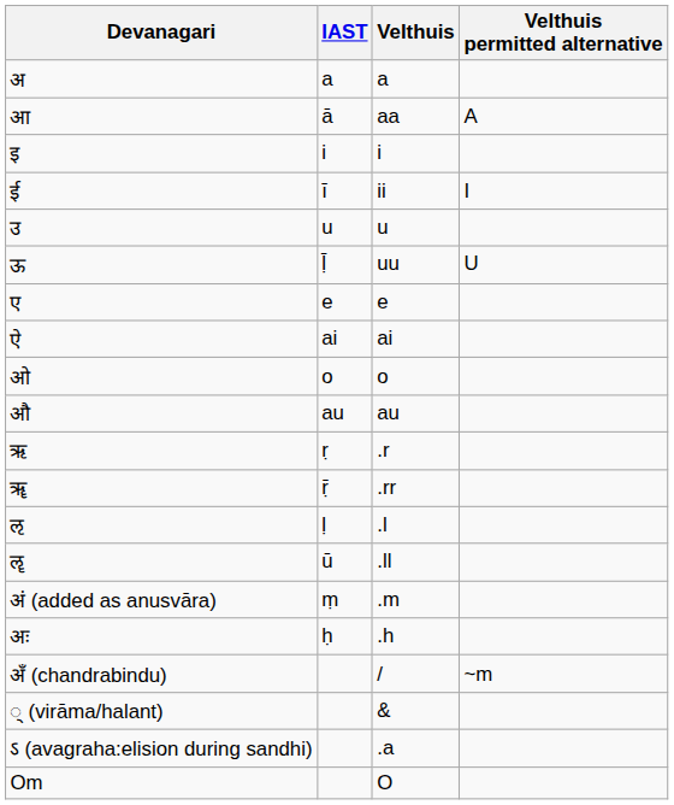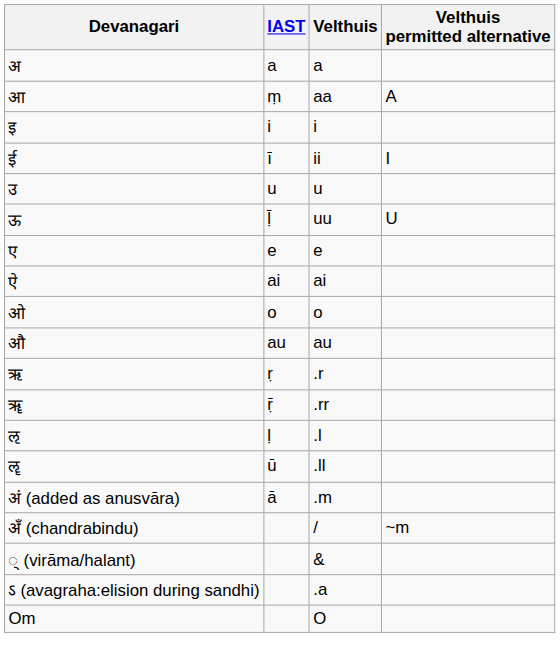 <table class="wikitable" border="1">
 <tr>
 <th>Devanagari</th>
 <th><a href='#'>IAST</a></th>
 <th>Velthuis</th>
 <th>Velthuis<br>permitted  alternative</th>
 </tr>
 <tr>
 <td>अ</td>
 <td>a</td>
 <td>a</td>
 <td></td>
 </tr>
 <tr>
 <td>आ</td>
-<td>ā</td>
+<td>ṃ</td>
 <td>aa</td>
 <td>A</td>
 </tr>
 <tr>
 <td>इ</td>
 <td>i</td>
 <td>i</td>
 <td></td>
 </tr>
 <tr>
 <td>ई</td>
 <td>ī</td>
 <td>ii</td>
 <td>I</td>
 </tr>
 <tr>
 <td>उ</td>
 <td>u</td>
 <td>u</td>
 <td></td>
 </tr>
 <tr>
 <td>ऊ</td>
 <td>ḹ</td>
 <td>uu</td>
 <td>U</td>
 </tr>
 <tr>
 <td>ए</td>
 <td>e</td>
 <td>e</td>
 <td></td>
 </tr>
 <tr>
 <td>ऐ</td>
 <td>ai</td>
 <td>ai</td>
 <td></td>
 </tr>
 <tr>
 <td>ओ</td>
 <td>o</td>
 <td>o</td>
 <td></td>
 </tr>
 <tr>
 <td>औ</td>
 <td>au</td>
 <td>au</td>
 <td></td>
 </tr>
 <tr>
 <td>ऋ</td>
 <td>ṛ</td>
 <td>.r</td>
 <td></td>
 </tr>
 <tr>
 <td>ॠ</td>
 <td>ṝ</td>
 <td>.rr</td>
 <td></td>
 </tr>
 <tr>
 <td>ऌ</td>
 <td>ḷ</td>
 <td>.l</td>
 <td></td>
 </tr>
 <tr>
 <td>ॡ</td>
 <td>ū</td>
 <td>.ll</td>
 <td></td>
 </tr>
 <tr>
 <td>अं (added as anusvāra)</td>
-<td>ṃ</td>
+<td>ā</td>
 <td>.m</td>
-<td></td>
-</tr>
-<tr>
-<td>अः</td>
-<td>ḥ</td>
-<td>.h</td>
 <td></td>
 </tr>
 <tr>
 <td>अँ (chandrabindu)</td>
 <td></td>
 <td>/</td>
 <td>~m</td>
 </tr>
 <tr>
 <td>् (virāma/halant)</td>
 <td></td>
 <td>&</td>
 <td></td>
 </tr>
 <tr>
 <td>ऽ (avagraha:elision during sandhi)</td>
 <td></td>
 <td>.a</td>
 <td></td>
 </tr>
 <tr>
 <td>Om</td>
 <td></td>
 <td>O</td>
 <td></td>
 </tr>
 </table>
